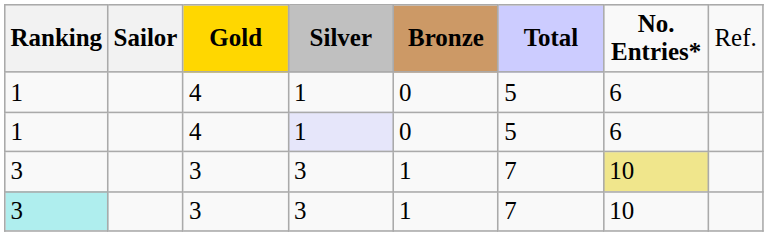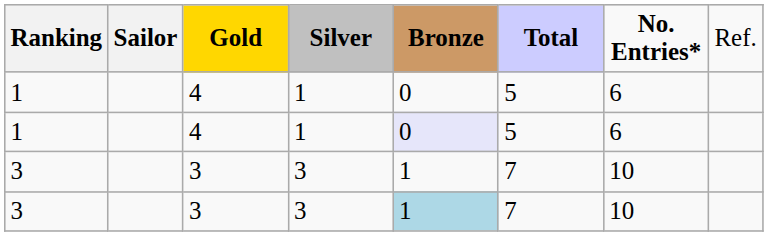 <table class="wikitable sortable">
 <tr>
 <th align=center><strong>Ranking</strong></th>
 <th align=center><strong>Sailor</strong></th>
 <td style="background:gold; width:60px; text-align:center;"><strong>Gold</strong></td>
 <td style="background:silver; width:60px; text-align:center;"><strong>Silver</strong></td>
 <td style="background:#c96; width:60px; text-align:center;"><strong>Bronze</strong></td>
 <td style="background:#ccf; width:60px; text-align:center;"><strong>Total</strong></td>
 <td style="width:60px; text-align:center;"><strong>No. Entries*</strong></td>
 <td>Ref.</td>
 </tr>
 <tr>
 <td>1</td>
 <td></td>
 <td>4</td>
 <td>1</td>
 <td>0</td>
 <td>5</td>
 <td>6</td>
 <td></td>
 </tr>
 <tr>
 <td>1</td>
 <td></td>
 <td>4</td>
-<td style="background: lavender;">1</td>
-<td>0</td>
+<td>1</td>
+<td style="background: lavender;">0</td>
 <td>5</td>
 <td>6</td>
 <td></td>
 </tr>
 <tr>
 <td>3</td>
 <td></td>
 <td>3</td>
 <td>3</td>
 <td>1</td>
 <td>7</td>
-<td style="background: khaki;">10</td>
+<td>10</td>
 <td></td>
 </tr>
 <tr>
-<td style="background: paleturquoise;">3</td>
+<td>3</td>
 <td></td>
 <td>3</td>
 <td>3</td>
-<td>1</td>
+<td style="background: lightblue;">1</td>
 <td>7</td>
 <td>10</td>
 <td></td>
 </tr>
 </table>
